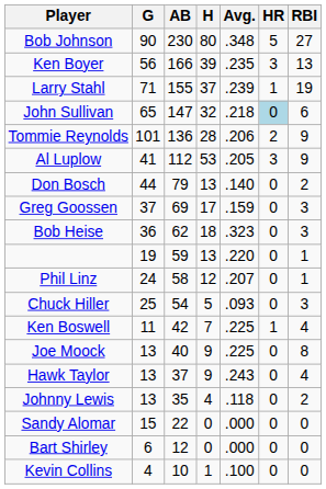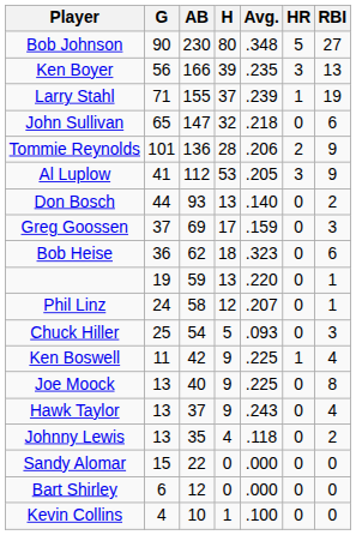 <table class="wikitable sortable">
 <tr>
 <th>Player</th>
 <th>G</th>
 <th>AB</th>
 <th>H</th>
 <th>Avg.</th>
 <th>HR</th>
 <th>RBI</th>
 </tr>
 <tr align="center">
 <td><a href='#'>Bob Johnson</a></td>
 <td>90</td>
 <td>230</td>
 <td>80</td>
 <td>.348</td>
 <td>5</td>
 <td>27</td>
 </tr>
 <tr align=center>
 <td><a href='#'>Ken Boyer</a></td>
 <td>56</td>
 <td>166</td>
 <td>39</td>
 <td>.235</td>
 <td>3</td>
 <td>13</td>
 </tr>
 <tr align=center>
 <td><a href='#'>Larry Stahl</a></td>
 <td>71</td>
 <td>155</td>
 <td>37</td>
 <td>.239</td>
 <td>1</td>
 <td>19</td>
 </tr>
 <tr align=center>
 <td><a href='#'>John Sullivan</a></td>
 <td>65</td>
 <td>147</td>
 <td>32</td>
 <td>.218</td>
-<td style="background: lightblue;">0</td>
+<td>0</td>
 <td>6</td>
 </tr>
 <tr align=center>
 <td><a href='#'>Tommie Reynolds</a></td>
 <td>101</td>
 <td>136</td>
 <td>28</td>
 <td>.206</td>
 <td>2</td>
 <td>9</td>
 </tr>
 <tr align=center>
 <td><a href='#'>Al Luplow</a></td>
 <td>41</td>
 <td>112</td>
 <td>53</td>
 <td>.205</td>
 <td>3</td>
 <td>9</td>
 </tr>
 <tr align=center>
 <td><a href='#'>Don Bosch</a></td>
 <td>44</td>
-<td>79</td>
+<td>93</td>
 <td>13</td>
 <td>.140</td>
 <td>0</td>
 <td>2</td>
 </tr>
 <tr align=center>
 <td><a href='#'>Greg Goossen</a></td>
 <td>37</td>
 <td>69</td>
 <td>17</td>
 <td>.159</td>
 <td>0</td>
 <td>3</td>
 </tr>
 <tr align=center>
 <td><a href='#'>Bob Heise</a></td>
 <td>36</td>
 <td>62</td>
 <td>18</td>
 <td>.323</td>
 <td>0</td>
-<td>3</td>
+<td>6</td>
 </tr>
 <tr align=center>
 <td></td>
 <td>19</td>
 <td>59</td>
 <td>13</td>
 <td>.220</td>
 <td>0</td>
 <td>1</td>
 </tr>
 <tr align="center">
 <td><a href='#'>Phil Linz</a></td>
 <td>24</td>
 <td>58</td>
 <td>12</td>
 <td>.207</td>
 <td>0</td>
 <td>1</td>
 </tr>
 <tr align=center>
 <td><a href='#'>Chuck Hiller</a></td>
 <td>25</td>
 <td>54</td>
 <td>5</td>
 <td>.093</td>
 <td>0</td>
 <td>3</td>
 </tr>
 <tr align=center>
 <td><a href='#'>Ken Boswell</a></td>
 <td>11</td>
 <td>42</td>
-<td>7</td>
+<td>9</td>
 <td>.225</td>
 <td>1</td>
 <td>4</td>
 </tr>
 <tr align=center>
 <td><a href='#'>Joe Moock</a></td>
 <td>13</td>
 <td>40</td>
 <td>9</td>
 <td>.225</td>
 <td>0</td>
 <td>8</td>
 </tr>
 <tr align=center>
 <td><a href='#'>Hawk Taylor</a></td>
 <td>13</td>
 <td>37</td>
 <td>9</td>
 <td>.243</td>
 <td>0</td>
 <td>4</td>
 </tr>
 <tr align=center>
 <td><a href='#'>Johnny Lewis</a></td>
 <td>13</td>
 <td>35</td>
 <td>4</td>
 <td>.118</td>
 <td>0</td>
 <td>2</td>
 </tr>
 <tr align=center>
 <td><a href='#'>Sandy Alomar</a></td>
 <td>15</td>
 <td>22</td>
 <td>0</td>
 <td>.000</td>
 <td>0</td>
 <td>0</td>
 </tr>
 <tr align=center>
 <td><a href='#'>Bart Shirley</a></td>
 <td>6</td>
 <td>12</td>
 <td>0</td>
 <td>.000</td>
 <td>0</td>
 <td>0</td>
 </tr>
 <tr align=center>
 <td><a href='#'>Kevin Collins</a></td>
 <td>4</td>
 <td>10</td>
 <td>1</td>
 <td>.100</td>
 <td>0</td>
 <td>0</td>
 </tr>
 </table>
